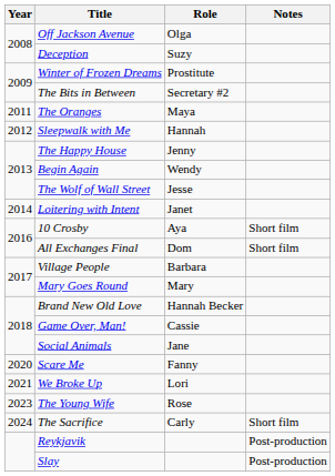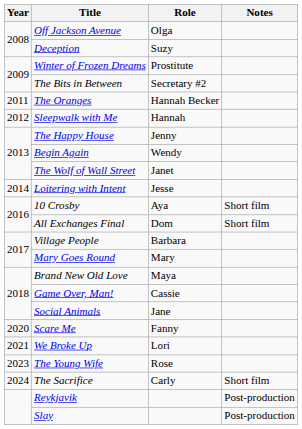 <table class="wikitable sortable">
 <tr>
 <th>Year</th>
 <th>Title</th>
 <th>Role</th>
 <th class="unsortable">Notes</th>
 </tr>
 <tr>
 <td rowspan=2>2008</td>
 <td><em><a href='#'>Off Jackson Avenue</a></em></td>
 <td>Olga</td>
 <td></td>
 </tr>
 <tr>
 <td><em><a href='#'>Deception</a></em></td>
 <td>Suzy</td>
 <td></td>
 </tr>
 <tr>
 <td rowspan=2>2009</td>
 <td><em><a href='#'>Winter of Frozen Dreams</a></em></td>
 <td>Prostitute</td>
 <td></td>
 </tr>
 <tr>
 <td><em>The Bits in Between</em></td>
 <td>Secretary #2</td>
 <td></td>
 </tr>
 <tr>
 <td>2011</td>
 <td><em><a href='#'>The Oranges</a></em></td>
-<td>Maya</td>
+<td>Hannah Becker</td>
 <td></td>
 </tr>
 <tr>
 <td>2012</td>
 <td><em><a href='#'>Sleepwalk with Me</a></em></td>
 <td>Hannah</td>
 <td></td>
 </tr>
 <tr>
 <td rowspan=3>2013</td>
 <td><em><a href='#'>The Happy House</a></em></td>
 <td>Jenny</td>
 <td></td>
 </tr>
 <tr>
 <td><em><a href='#'>Begin Again</a></em></td>
 <td>Wendy</td>
 <td></td>
 </tr>
 <tr>
 <td><em><a href='#'>The Wolf of Wall Street</a></em></td>
-<td>Jesse</td>
+<td>Janet</td>
 <td></td>
 </tr>
 <tr>
 <td>2014</td>
 <td><em><a href='#'>Loitering with Intent</a></em></td>
-<td>Janet</td>
+<td>Jesse</td>
 <td></td>
 </tr>
 <tr>
 <td rowspan=2>2016</td>
 <td><em>10 Crosby</em></td>
 <td>Aya</td>
 <td>Short film</td>
 </tr>
 <tr>
 <td><em>All Exchanges Final</em></td>
 <td>Dom</td>
 <td>Short film</td>
 </tr>
 <tr>
 <td rowspan=2>2017</td>
 <td><em>Village People</em></td>
 <td>Barbara</td>
 <td></td>
 </tr>
 <tr>
 <td><em><a href='#'>Mary Goes Round</a></em></td>
 <td>Mary</td>
 <td></td>
 </tr>
 <tr>
 <td rowspan=3>2018</td>
 <td><em>Brand New Old Love</em></td>
-<td>Hannah Becker</td>
+<td>Maya</td>
 <td></td>
 </tr>
 <tr>
 <td><em><a href='#'>Game Over, Man!</a></em></td>
 <td>Cassie</td>
 <td></td>
 </tr>
 <tr>
 <td><em><a href='#'>Social Animals</a></em></td>
 <td>Jane</td>
 <td></td>
 </tr>
 <tr>
 <td>2020</td>
 <td><em><a href='#'>Scare Me</a></em></td>
 <td>Fanny</td>
 <td></td>
 </tr>
 <tr>
 <td>2021</td>
 <td><em><a href='#'>We Broke Up</a></em></td>
 <td>Lori</td>
 <td></td>
 </tr>
 <tr>
 <td>2023</td>
 <td><em><a href='#'>The Young Wife</a></em></td>
 <td>Rose</td>
 <td></td>
 </tr>
 <tr>
 <td>2024</td>
 <td><em>The Sacrifice</em></td>
 <td>Carly</td>
 <td>Short film</td>
 </tr>
 <tr>
 <td rowspan="2"></td>
 <td><em><a href='#'>Reykjavik</a></em></td>
 <td></td>
 <td>Post-production</td>
 </tr>
 <tr>
 <td><em><a href='#'>Slay</a></em></td>
 <td></td>
 <td>Post-production</td>
 </tr>
 </table>
